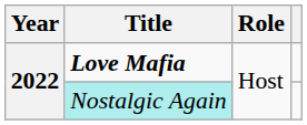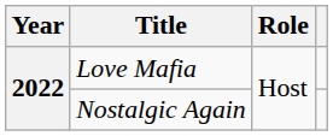 <table class="wikitable plainrowheaders">
 <tr>
 <th scope="col">Year</th>
 <th scope="col">Title</th>
 <th scope="col">Role</th>
 <th scope="col" class="unsortable"></th>
 </tr>
 <tr>
 <th scope="row" rowspan="2">2022</th>
-<td><strong><em>Love Mafia</em></strong></td>
+<td><em>Love Mafia</em></td>
 <td rowspan="2">Host</td>
 <td></td>
 </tr>
 <tr>
-<td style="background: paleturquoise;"><em> Nostalgic Again</em></td>
+<td><em> Nostalgic Again</em></td>
 <td></td>
 </tr>
 </table>
